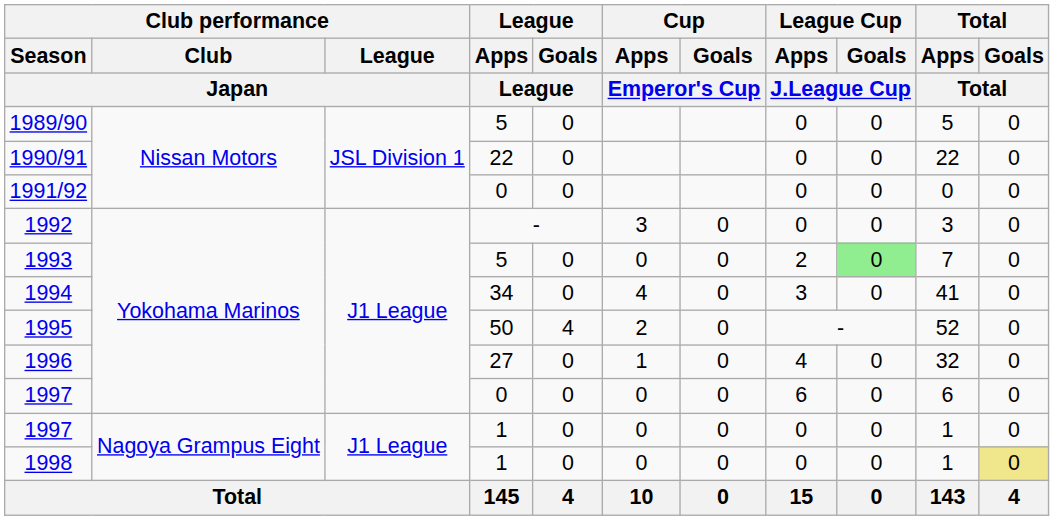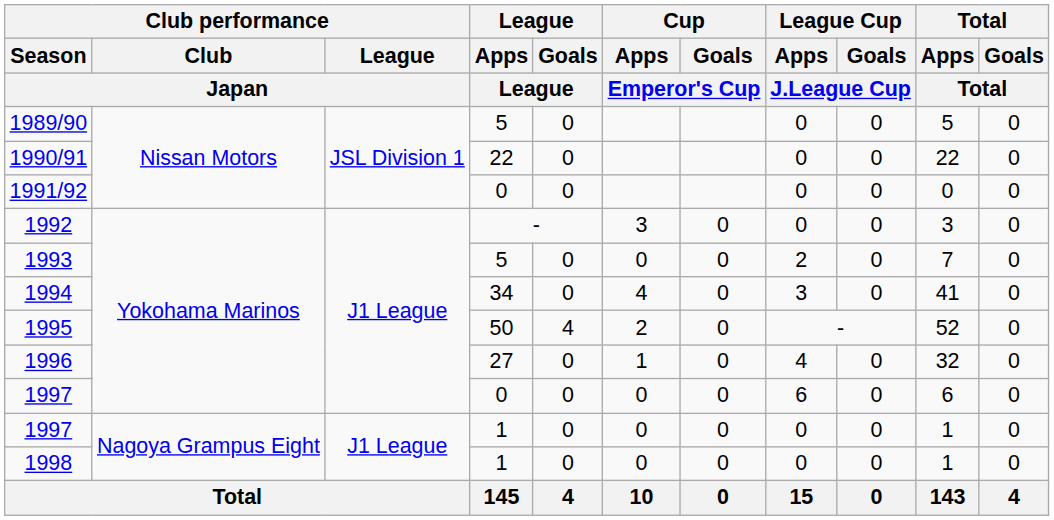 <table class="wikitable" style="text-align:center;">
 <tr>
 <th colspan=3>Club performance</th>
 <th colspan=2>League</th>
 <th colspan=2>Cup</th>
 <th colspan=2>League Cup</th>
 <th colspan=2>Total</th>
 </tr>
 <tr>
 <th>Season</th>
 <th>Club</th>
 <th>League</th>
 <th>Apps</th>
 <th>Goals</th>
 <th>Apps</th>
 <th>Goals</th>
 <th>Apps</th>
 <th>Goals</th>
 <th>Apps</th>
 <th>Goals</th>
 </tr>
 <tr>
 <th colspan=3>Japan</th>
 <th colspan=2>League</th>
 <th colspan=2><a href='#'>Emperor's Cup</a></th>
 <th colspan=2><a href='#'>J.League Cup</a></th>
 <th colspan=2>Total</th>
 </tr>
 <tr>
 <td><a href='#'>1989/90</a></td>
 <td rowspan="3"><a href='#'>Nissan Motors</a></td>
 <td rowspan="3"><a href='#'>JSL Division 1</a></td>
 <td>5</td>
 <td>0</td>
 <td></td>
 <td></td>
 <td>0</td>
 <td>0</td>
 <td>5</td>
 <td>0</td>
 </tr>
 <tr>
 <td><a href='#'>1990/91</a></td>
 <td>22</td>
 <td>0</td>
 <td></td>
 <td></td>
 <td>0</td>
 <td>0</td>
 <td>22</td>
 <td>0</td>
 </tr>
 <tr>
 <td><a href='#'>1991/92</a></td>
 <td>0</td>
 <td>0</td>
 <td></td>
 <td></td>
 <td>0</td>
 <td>0</td>
 <td>0</td>
 <td>0</td>
 </tr>
 <tr>
 <td><a href='#'>1992</a></td>
 <td rowspan="6"><a href='#'>Yokohama Marinos</a></td>
 <td rowspan="6"><a href='#'>J1 League</a></td>
 <td colspan="2">-</td>
 <td>3</td>
 <td>0</td>
 <td>0</td>
 <td>0</td>
 <td>3</td>
 <td>0</td>
 </tr>
 <tr>
 <td><a href='#'>1993</a></td>
 <td>5</td>
 <td>0</td>
 <td>0</td>
 <td>0</td>
 <td>2</td>
-<td style="background: lightgreen;">0</td>
+<td>0</td>
 <td>7</td>
 <td>0</td>
 </tr>
 <tr>
 <td><a href='#'>1994</a></td>
 <td>34</td>
 <td>0</td>
 <td>4</td>
 <td>0</td>
 <td>3</td>
 <td>0</td>
 <td>41</td>
 <td>0</td>
 </tr>
 <tr>
 <td><a href='#'>1995</a></td>
 <td>50</td>
 <td>4</td>
 <td>2</td>
 <td>0</td>
 <td colspan="2">-</td>
 <td>52</td>
 <td>0</td>
 </tr>
 <tr>
 <td><a href='#'>1996</a></td>
 <td>27</td>
 <td>0</td>
 <td>1</td>
 <td>0</td>
 <td>4</td>
 <td>0</td>
 <td>32</td>
 <td>0</td>
 </tr>
 <tr>
 <td><a href='#'>1997</a></td>
 <td>0</td>
 <td>0</td>
 <td>0</td>
 <td>0</td>
 <td>6</td>
 <td>0</td>
 <td>6</td>
 <td>0</td>
 </tr>
 <tr>
 <td><a href='#'>1997</a></td>
 <td rowspan="2"><a href='#'>Nagoya Grampus Eight</a></td>
 <td rowspan="2"><a href='#'>J1 League</a></td>
 <td>1</td>
 <td>0</td>
 <td>0</td>
 <td>0</td>
 <td>0</td>
 <td>0</td>
 <td>1</td>
 <td>0</td>
 </tr>
 <tr>
 <td><a href='#'>1998</a></td>
 <td>1</td>
 <td>0</td>
 <td>0</td>
 <td>0</td>
 <td>0</td>
 <td>0</td>
 <td>1</td>
-<td style="background: khaki;">0</td>
+<td>0</td>
 </tr>
 <tr>
 <th colspan=3>Total</th>
 <th>145</th>
 <th>4</th>
 <th>10</th>
 <th>0</th>
 <th>15</th>
 <th>0</th>
 <th>143</th>
 <th>4</th>
 </tr>
 </table>
